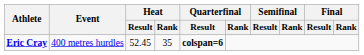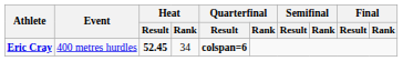 <table class=wikitable style=font-size:90%>
 <tr>
 <th rowspan=2>Athlete</th>
 <th rowspan=2>Event</th>
 <th colspan=2>Heat</th>
 <th colspan=2>Quarterfinal</th>
 <th colspan=2>Semifinal</th>
 <th colspan=2>Final</th>
 </tr>
 <tr style=font-size:95%>
 <th>Result</th>
 <th>Rank</th>
 <th>Result</th>
 <th>Rank</th>
 <th>Result</th>
 <th>Rank</th>
 <th>Result</th>
 <th>Rank</th>
 </tr>
 <tr align=center>
 <td align=left><strong><a href='#'>Eric Cray</a></strong></td>
 <td align=left><a href='#'>400 metres hurdles</a></td>
-<td>52.45</td>
-<td>35</td>
+<td><strong>52.45</strong></td>
+<td>34</td>
 <td><strong>colspan=6 </strong></td>
 </tr>
 </table>
